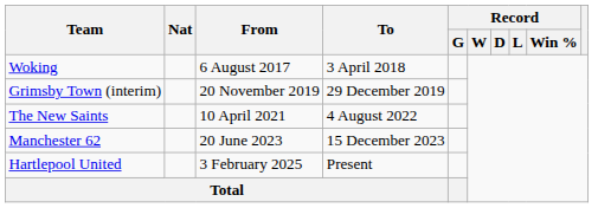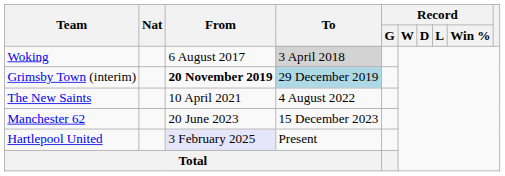 <table class="wikitable" style="text-align:center">
 <tr>
 <th rowspan="2">Team</th>
 <th rowspan="2">Nat</th>
 <th rowspan="2">From</th>
 <th rowspan="2">To</th>
 <th colspan="5">Record</th>
 <th rowspan="2"></th>
 </tr>
 <tr>
 <th>G</th>
 <th>W</th>
 <th>D</th>
 <th>L</th>
 <th>Win %</th>
 </tr>
 <tr>
 <td align="left"><a href='#'>Woking</a></td>
 <td></td>
 <td align="left">6 August 2017</td>
-<td align="left">3 April 2018<br></td>
+<td align="left" style="background: lightgrey;">3 April 2018<br></td>
 <td></td>
 </tr>
 <tr>
 <td align="left"><a href='#'>Grimsby Town</a> (interim)</td>
 <td></td>
-<td align="left">20 November 2019</td>
-<td align="left">29 December 2019<br></td>
+<td align="left"><strong>20 November 2019</strong></td>
+<td align="left" style="background: lightblue;">29 December 2019<br></td>
 <td></td>
 </tr>
 <tr>
 <td align=left><a href='#'>The New Saints</a></td>
 <td></td>
 <td align="left">10 April 2021</td>
 <td align="left">4 August 2022<br></td>
 <td></td>
 </tr>
 <tr>
 <td align=left><a href='#'>Manchester 62</a></td>
 <td></td>
 <td align="left">20 June 2023</td>
 <td align="left">15 December 2023<br></td>
 <td></td>
 </tr>
 <tr>
 <td align=left><a href='#'>Hartlepool United</a></td>
 <td></td>
-<td align="left">3 February 2025</td>
+<td align="left" style="background: lavender;">3 February 2025</td>
 <td align="left">Present<br></td>
 <td></td>
 </tr>
 <tr>
 <th colspan="4">Total<br></th>
 <th></th>
 </tr>
 </table>
